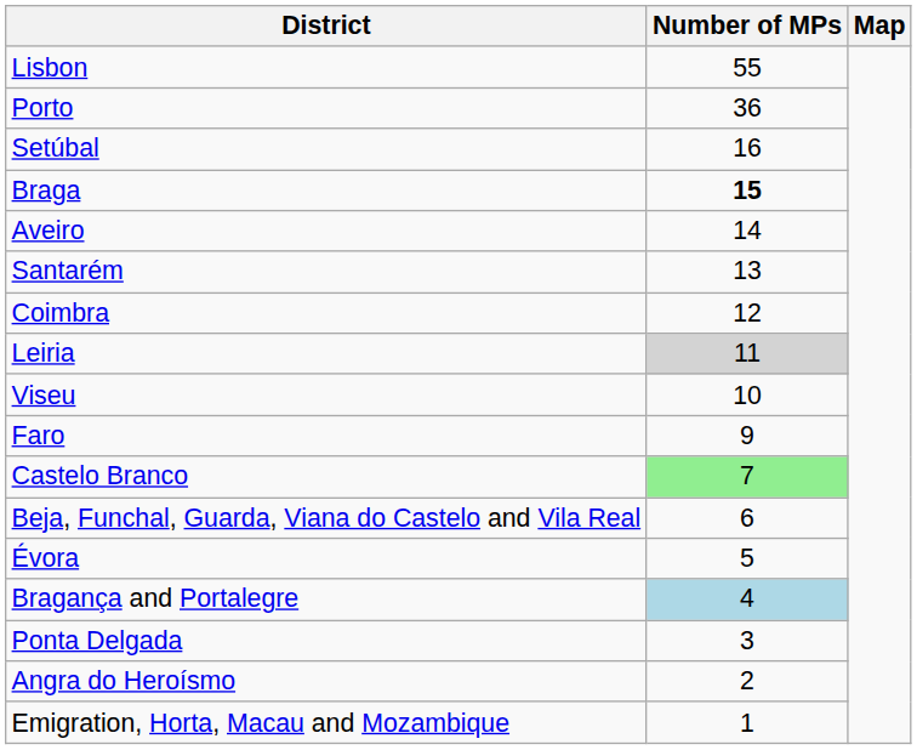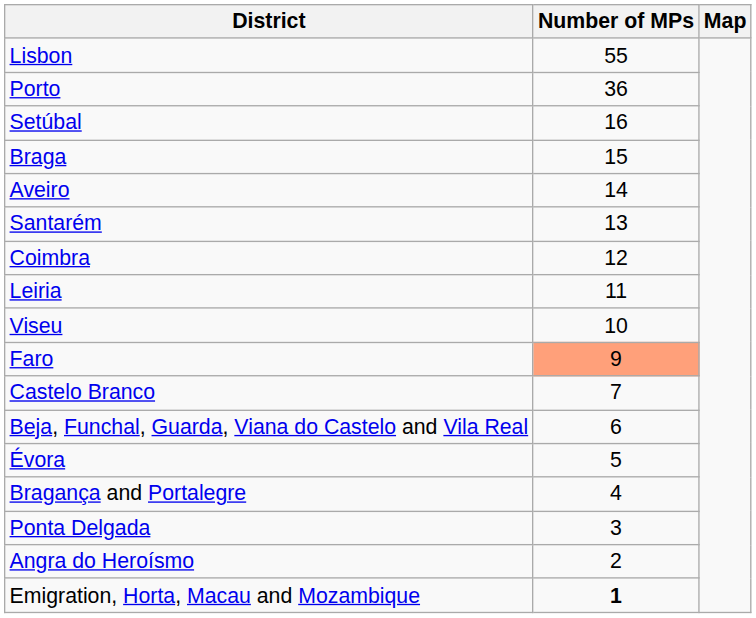 <table class="wikitable">
 <tr>
 <th>District</th>
 <th>Number of MPs</th>
 <th>Map</th>
 </tr>
 <tr>
 <td><a href='#'>Lisbon</a></td>
 <td style="text-align:center;">55</td>
 <td style="text-align:center;" rowspan="17"><br>                         </td>
 </tr>
 <tr>
 <td><a href='#'>Porto</a></td>
 <td style="text-align:center;">36</td>
 </tr>
 <tr>
 <td><a href='#'>Setúbal</a></td>
 <td style="text-align:center;">16</td>
 </tr>
 <tr>
 <td><a href='#'>Braga</a></td>
-<td style="text-align:center;"><strong>15</strong></td>
+<td style="text-align:center;">15</td>
 </tr>
 <tr>
 <td><a href='#'>Aveiro</a></td>
 <td style="text-align:center;">14</td>
 </tr>
 <tr>
 <td><a href='#'>Santarém</a></td>
 <td style="text-align:center;">13</td>
 </tr>
 <tr>
 <td><a href='#'>Coimbra</a></td>
 <td style="text-align:center;">12</td>
 </tr>
 <tr>
 <td><a href='#'>Leiria</a></td>
-<td style="background: lightgrey; text-align:center;">11</td>
+<td style="text-align:center;">11</td>
 </tr>
 <tr>
 <td><a href='#'>Viseu</a></td>
 <td style="text-align:center;">10</td>
 </tr>
 <tr>
 <td><a href='#'>Faro</a></td>
-<td style="text-align:center;">9</td>
+<td style="background: lightsalmon; text-align:center;">9</td>
 </tr>
 <tr>
 <td><a href='#'>Castelo Branco</a></td>
-<td style="background: lightgreen; text-align:center;">7</td>
+<td style="text-align:center;">7</td>
 </tr>
 <tr>
 <td><a href='#'>Beja</a>, <a href='#'>Funchal</a>, <a href='#'>Guarda</a>, <a href='#'>Viana do Castelo</a> and <a href='#'>Vila Real</a></td>
 <td style="text-align:center;">6</td>
 </tr>
 <tr>
 <td><a href='#'>Évora</a></td>
 <td style="text-align:center;">5</td>
 </tr>
 <tr>
 <td><a href='#'>Bragança</a> and <a href='#'>Portalegre</a></td>
-<td style="background: lightblue; text-align:center;">4</td>
+<td style="text-align:center;">4</td>
 </tr>
 <tr>
 <td><a href='#'>Ponta Delgada</a></td>
 <td style="text-align:center;">3</td>
 </tr>
 <tr>
 <td><a href='#'>Angra do Heroísmo</a></td>
 <td style="text-align:center;">2</td>
 </tr>
 <tr>
 <td>Emigration, <a href='#'>Horta</a>, <a href='#'>Macau</a> and <a href='#'>Mozambique</a></td>
-<td style="text-align:center;">1</td>
+<td style="text-align:center;"><strong>1</strong></td>
 </tr>
 </table>
